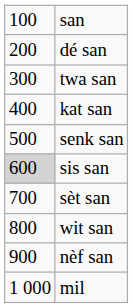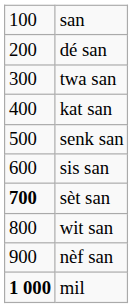 <table class="wikitable" style="float:left; margin-right:0.5em">
 <tr>
 <td>100</td>
 <td>san</td>
 </tr>
 <tr>
 <td>200</td>
 <td>dé san</td>
 </tr>
 <tr>
 <td>300</td>
 <td>twa san</td>
 </tr>
 <tr>
 <td>400</td>
 <td>kat san</td>
 </tr>
 <tr>
 <td>500</td>
 <td>senk san</td>
 </tr>
 <tr>
-<td style="background: lightgrey;">600</td>
+<td>600</td>
 <td>sis san</td>
 </tr>
 <tr>
-<td>700</td>
+<td><strong>700</strong></td>
 <td>sèt san</td>
 </tr>
 <tr>
 <td>800</td>
 <td>wit san</td>
 </tr>
 <tr>
 <td>900</td>
 <td>nèf san</td>
 </tr>
 <tr>
-<td>1 000</td>
+<td><strong>1 000</strong></td>
 <td>mil</td>
 </tr>
 </table>
